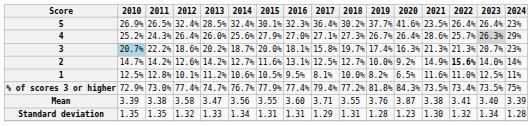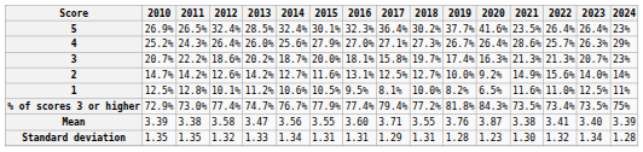 <table class="wikitable">
 <tr>
 <th>Score</th>
 <th>2010</th>
 <th>2011</th>
 <th>2012</th>
 <th>2013</th>
 <th>2014</th>
 <th>2015</th>
 <th>2016</th>
 <th>2017</th>
 <th>2018</th>
 <th>2019</th>
 <th>2020</th>
 <th>2021</th>
 <th>2022</th>
 <th>2023</th>
 <th>2024</th>
 </tr>
 <tr>
 <th>5</th>
 <td>26.9%</td>
 <td>26.5%</td>
 <td>32.4%</td>
 <td>28.5%</td>
 <td>32.4%</td>
 <td>30.1%</td>
 <td>32.3%</td>
 <td>36.4%</td>
 <td>30.2%</td>
 <td>37.7%</td>
 <td>41.6%</td>
 <td>23.5%</td>
 <td>26.4%</td>
 <td>26.4%</td>
 <td>23%</td>
 </tr>
 <tr>
 <th>4</th>
 <td>25.2%</td>
 <td>24.3%</td>
 <td>26.4%</td>
 <td>26.0%</td>
 <td>25.6%</td>
 <td>27.9%</td>
 <td>27.0%</td>
 <td>27.1%</td>
 <td>27.3%</td>
 <td>26.7%</td>
 <td>26.4%</td>
 <td>28.6%</td>
 <td>25.7%</td>
-<td style="background: lightgrey;">26.3%</td>
+<td>26.3%</td>
 <td>29%</td>
 </tr>
 <tr>
 <th>3</th>
-<td style="background: lightblue;">20.7%</td>
+<td>20.7%</td>
 <td>22.2%</td>
 <td>18.6%</td>
 <td>20.2%</td>
 <td>18.7%</td>
 <td>20.0%</td>
 <td>18.1%</td>
 <td>15.8%</td>
 <td>19.7%</td>
 <td>17.4%</td>
 <td>16.3%</td>
 <td>21.3%</td>
 <td>21.3%</td>
 <td>20.7%</td>
 <td>23%</td>
 </tr>
 <tr>
 <th>2</th>
 <td>14.7%</td>
 <td>14.2%</td>
 <td>12.6%</td>
 <td>14.2%</td>
 <td>12.7%</td>
 <td>11.6%</td>
 <td>13.1%</td>
 <td>12.5%</td>
 <td>12.7%</td>
 <td>10.0%</td>
 <td>9.2%</td>
 <td>14.9%</td>
-<td><strong>15.6%</strong></td>
+<td>15.6%</td>
 <td>14.0%</td>
 <td>14%</td>
 </tr>
 <tr>
 <th>1</th>
 <td>12.5%</td>
 <td>12.8%</td>
 <td>10.1%</td>
 <td>11.2%</td>
 <td>10.6%</td>
 <td>10.5%</td>
 <td>9.5%</td>
 <td>8.1%</td>
 <td>10.0%</td>
 <td>8.2%</td>
 <td>6.5%</td>
 <td>11.6%</td>
 <td>11.0%</td>
 <td>12.5%</td>
 <td>11%</td>
 </tr>
 <tr>
 <th>% of scores 3 or higher</th>
 <td>72.9%</td>
 <td>73.0%</td>
 <td>77.4%</td>
 <td>74.7%</td>
 <td>76.7%</td>
 <td>77.9%</td>
 <td>77.4%</td>
 <td>79.4%</td>
 <td>77.2%</td>
 <td>81.8%</td>
 <td>84.3%</td>
 <td>73.5%</td>
 <td>73.4%</td>
 <td>73.5%</td>
 <td>75%</td>
 </tr>
 <tr>
 <th>Mean</th>
 <td>3.39</td>
 <td>3.38</td>
 <td>3.58</td>
 <td>3.47</td>
 <td>3.56</td>
 <td>3.55</td>
 <td>3.60</td>
 <td>3.71</td>
 <td>3.55</td>
 <td>3.76</td>
 <td>3.87</td>
 <td>3.38</td>
 <td>3.41</td>
 <td>3.40</td>
 <td>3.39</td>
 </tr>
 <tr>
 <th>Standard deviation</th>
 <td>1.35</td>
 <td>1.35</td>
 <td>1.32</td>
 <td>1.33</td>
 <td>1.34</td>
 <td>1.31</td>
 <td>1.31</td>
 <td>1.29</td>
 <td>1.31</td>
 <td>1.28</td>
 <td>1.23</td>
 <td>1.30</td>
 <td>1.32</td>
 <td>1.34</td>
 <td>1.28</td>
 </tr>
 <tr>
 </tr>
 </table>
